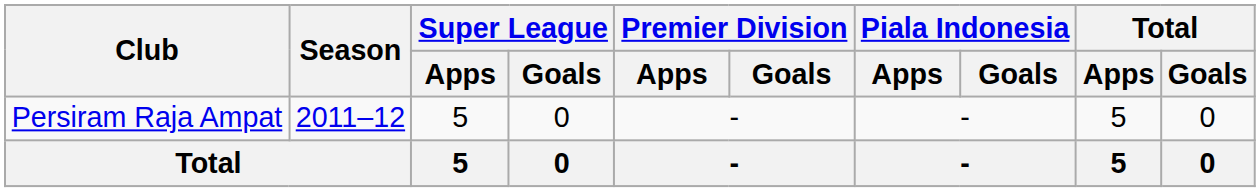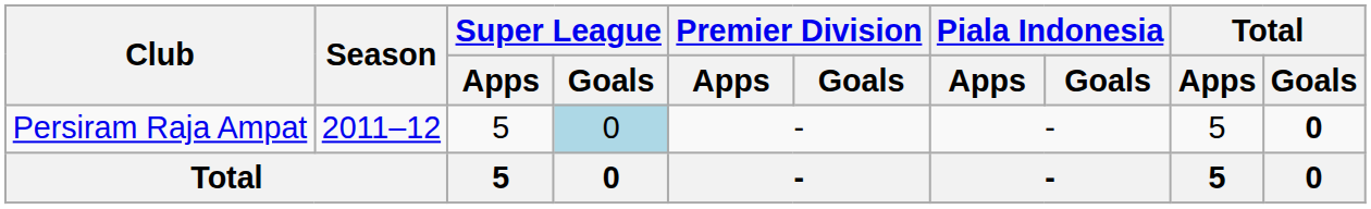 <table class="wikitable" style="font-size:90%; text-align:center;">
 <tr>
 <th rowspan="2">Club</th>
 <th rowspan="2">Season</th>
 <th colspan="2"><a href='#'>Super League</a></th>
 <th colspan="2"><a href='#'>Premier Division</a></th>
 <th colspan="2"><a href='#'>Piala Indonesia</a></th>
 <th colspan="2">Total</th>
 </tr>
 <tr>
 <th>Apps</th>
 <th>Goals</th>
 <th>Apps</th>
 <th>Goals</th>
 <th>Apps</th>
 <th>Goals</th>
 <th>Apps</th>
 <th>Goals</th>
 </tr>
 <tr>
 <td rowspan="1"><a href='#'>Persiram Raja Ampat</a></td>
 <td><a href='#'>2011–12</a></td>
 <td>5</td>
-<td>0</td>
+<td style="background: lightblue;">0</td>
 <td colspan="2">-</td>
 <td colspan="2">-</td>
 <td>5</td>
-<td>0</td>
+<td><strong>0</strong></td>
 </tr>
 <tr>
 <th colspan="2">Total</th>
 <th>5</th>
 <th>0</th>
 <th colspan="2">-</th>
 <th colspan="2">-</th>
 <th>5</th>
 <th>0</th>
 </tr>
 </table>
